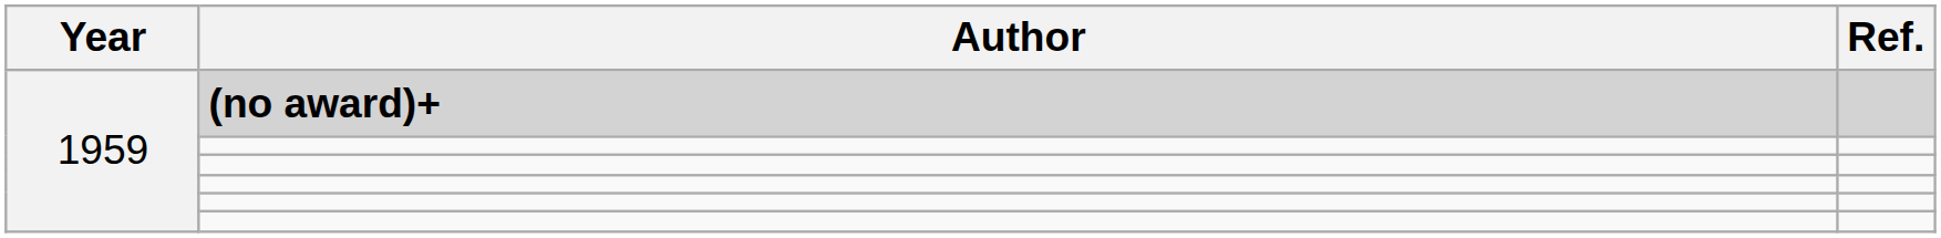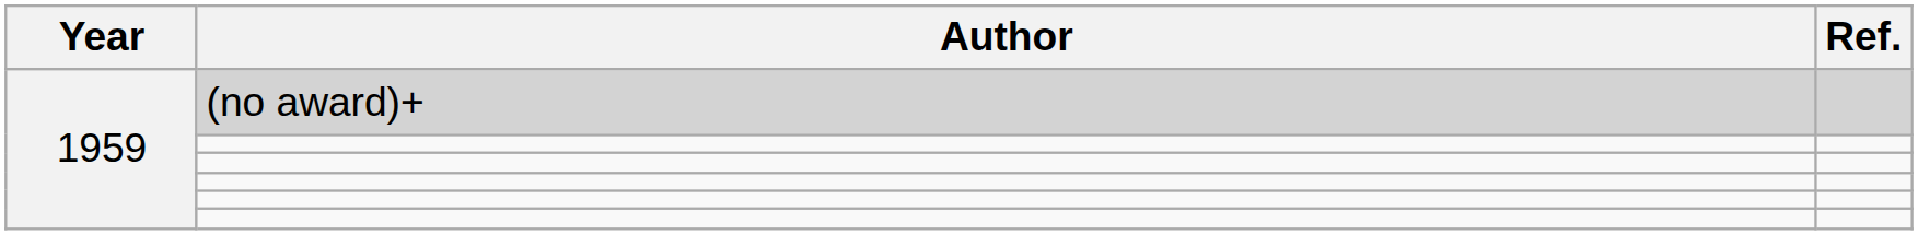 <table class="wikitable" width="85%" cellpadding="5" style="margin: 1em auto 1em auto">
 <tr>
 <th width="10%" scope="col">Year</th>
 <th width="85%" scope="col">Author</th>
 <th width="5%" scope="col">Ref.</th>
 </tr>
 <tr style="background:lightgray;">
 <th scope="rowgroup" align="center" rowspan="6" style="font-weight:normal;">1959</th>
-<td><strong>(no award)+</strong></td>
+<td>(no award)+</td>
 <td align="center"></td>
 </tr>
 <tr>
 <td></td>
 <td align="center"></td>
 </tr>
 <tr>
 <td></td>
 <td align="center"></td>
 </tr>
 <tr>
 <td></td>
 <td align="center"></td>
 </tr>
 <tr>
 <td></td>
 <td align="center"></td>
 </tr>
 <tr>
 <td></td>
 <td align="center"></td>
 </tr>
 </table>
